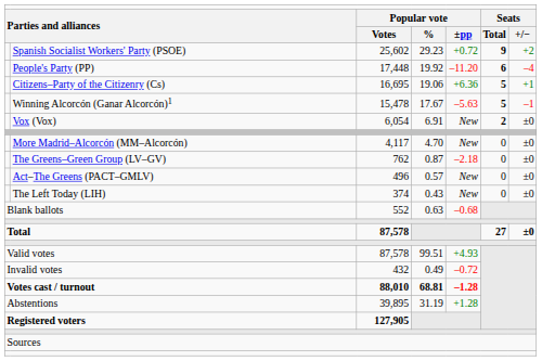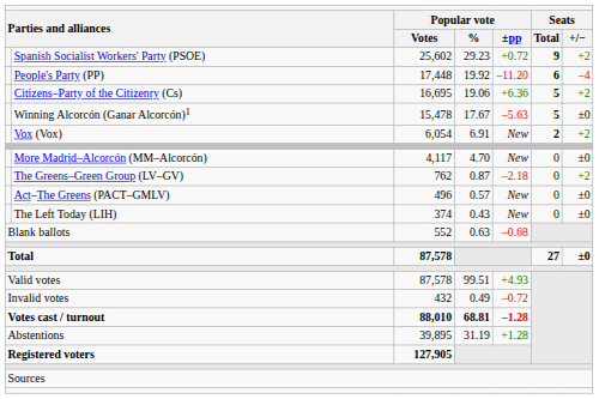 <table class="wikitable" style="text-align:right;">
 <tr>
 <td colspan="7"></td>
 </tr>
 <tr>
 <th style="text-align:left;" rowspan="2" colspan="2" width="525">Parties and alliances</th>
 <th colspan="3">Popular vote</th>
 <th colspan="2">Seats</th>
 </tr>
 <tr>
 <th width="75">Votes</th>
 <th width="45">%</th>
 <th width="45">±<a href='#'>pp</a></th>
 <th width="35">Total</th>
 <th width="35">+/−</th>
 </tr>
 <tr>
 <td width="1" style="color:inherit;background:"></td>
 <td align="left"><a href='#'>Spanish Socialist Workers' Party</a> (PSOE)</td>
 <td>25,602</td>
 <td>29.23</td>
 <td style="color:green;">+0.72</td>
 <td><strong>9</strong></td>
 <td style="color:green;">+2</td>
 </tr>
 <tr>
 <td style="color:inherit;background:"></td>
 <td align="left"><a href='#'>People's Party</a> (PP)</td>
 <td>17,448</td>
 <td>19.92</td>
 <td style="color:red;">–11.20</td>
 <td><strong>6</strong></td>
 <td style="color:red;">–4</td>
 </tr>
 <tr>
 <td style="color:inherit;background:"></td>
 <td align="left"><a href='#'>Citizens–Party of the Citizenry</a> (Cs)</td>
 <td>16,695</td>
 <td>19.06</td>
 <td style="color:green;">+6.36</td>
 <td><strong>5</strong></td>
-<td style="color:green;">+1</td>
+<td style="color:green;">+2</td>
 </tr>
 <tr>
 <td style="color:inherit;background:"></td>
 <td align="left">Winning Alcorcón (Ganar Alcorcón)<sup>1</sup></td>
 <td>15,478</td>
 <td>17.67</td>
 <td style="color:red;">–5.63</td>
 <td><strong>5</strong></td>
-<td style="color:red;">–1</td>
+<td>±0</td>
 </tr>
 <tr>
 <td style="color:inherit;background:"></td>
 <td align="left"><a href='#'>Vox</a> (Vox)</td>
 <td>6,054</td>
 <td>6.91</td>
 <td><em>New</em></td>
 <td><strong>2</strong></td>
-<td>±0</td>
+<td style="color:green;">+2</td>
 </tr>
 <tr>
 <td colspan="7" bgcolor="#C0C0C0"></td>
 </tr>
 <tr>
 <td style="color:inherit;background:"></td>
 <td align="left"><a href='#'>More Madrid–Alcorcón</a> (MM–Alcorcón)</td>
 <td>4,117</td>
 <td>4.70</td>
 <td><em>New</em></td>
 <td>0</td>
 <td>±0</td>
 </tr>
 <tr>
 <td style="color:inherit;background:"></td>
 <td align="left"><a href='#'>The Greens–Green Group</a> (LV–GV)</td>
 <td>762</td>
 <td>0.87</td>
 <td style="color:red;">–2.18</td>
 <td>0</td>
-<td>±0</td>
+<td style="color:green;">+2</td>
 </tr>
 <tr>
 <td style="color:inherit;background:"></td>
 <td align="left"><a href='#'>Act</a>–<a href='#'>The Greens</a> (PACT–GMLV)</td>
 <td>496</td>
 <td>0.57</td>
 <td><em>New</em></td>
 <td>0</td>
 <td>±0</td>
 </tr>
 <tr>
 <td style="color:inherit;background:"></td>
 <td align="left">The Left Today (LIH)</td>
 <td>374</td>
 <td>0.43</td>
 <td><em>New</em></td>
 <td>0</td>
 <td>±0</td>
 </tr>
 <tr>
 <td align="left" colspan="2">Blank ballots</td>
 <td>552</td>
 <td>0.63</td>
 <td style="color:red;">–0.68</td>
 <td bgcolor="#E9E9E9" colspan="2"></td>
 </tr>
 <tr>
 <td colspan="7" bgcolor="#E9E9E9"></td>
 </tr>
 <tr style="font-weight:bold;">
 <td align="left" colspan="2">Total</td>
 <td>87,578</td>
 <td bgcolor="#E9E9E9" colspan="2"></td>
 <td>27</td>
 <td>±0</td>
 </tr>
 <tr>
 <td colspan="7" bgcolor="#E9E9E9"></td>
 </tr>
 <tr>
 <td align="left" colspan="2">Valid votes</td>
 <td>87,578</td>
 <td>99.51</td>
 <td style="color:green;">+4.93</td>
 <td bgcolor="#E9E9E9" colspan="2" rowspan="5"></td>
 </tr>
 <tr>
 <td align="left" colspan="2">Invalid votes</td>
 <td>432</td>
 <td>0.49</td>
 <td style="color:red;">–0.72</td>
 </tr>
 <tr style="font-weight:bold;">
 <td align="left" colspan="2">Votes cast / turnout</td>
 <td>88,010</td>
 <td>68.81</td>
 <td style="color:red;">–1.28</td>
 </tr>
 <tr>
 <td align="left" colspan="2">Abstentions</td>
 <td>39,895</td>
 <td>31.19</td>
 <td style="color:green;">+1.28</td>
 </tr>
 <tr style="font-weight:bold;">
 <td align="left" colspan="2">Registered voters</td>
 <td>127,905</td>
 <td bgcolor="#E9E9E9" colspan="2"></td>
 </tr>
 <tr>
 <td colspan="7" bgcolor="#E9E9E9"></td>
 </tr>
 <tr>
 <td align="left" colspan="7">Sources</td>
 </tr>
 <tr>
 <td colspan="7" style="text-align:left; max-width:790px;"></td>
 </tr>
 </table>
